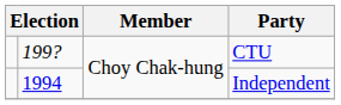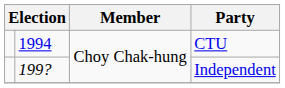 <table class="wikitable">
 <tr>
 <th colspan="2">Election</th>
 <th>Member</th>
 <th>Party</th>
 </tr>
 <tr>
 <td style="background-color:"></td>
-<td><em>199?</em></td>
+<td><a href='#'>1994</a></td>
 <td rowspan=2>Choy Chak-hung</td>
 <td><a href='#'>CTU</a></td>
 </tr>
 <tr>
 <td style="background-color:"></td>
-<td><a href='#'>1994</a></td>
+<td><em>199?</em></td>
 <td><a href='#'>Independent</a></td>
 </tr>
 <tr>
 </tr>
 </table>
